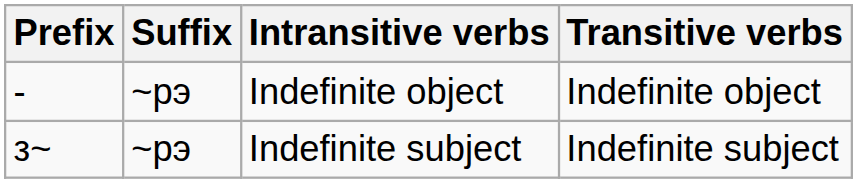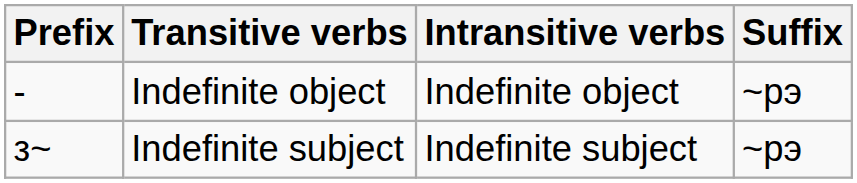 <table class="wikitable" border="1">
 <tr>
 <th>Prefix</th>
+<th>Transitive verbs</th>
+<th>Intransitive verbs</th>
 <th>Suffix</th>
-<th>Intransitive verbs</th>
-<th>Transitive verbs</th>
 </tr>
 <tr>
 <td>-</td>
-<td>~рэ</td>
 <td>Indefinite object</td>
 <td>Indefinite object</td>
+<td>~рэ</td>
 </tr>
 <tr>
 <td>з~</td>
-<td>~рэ</td>
 <td>Indefinite subject</td>
 <td>Indefinite subject</td>
+<td>~рэ</td>
 </tr>
 </table>
